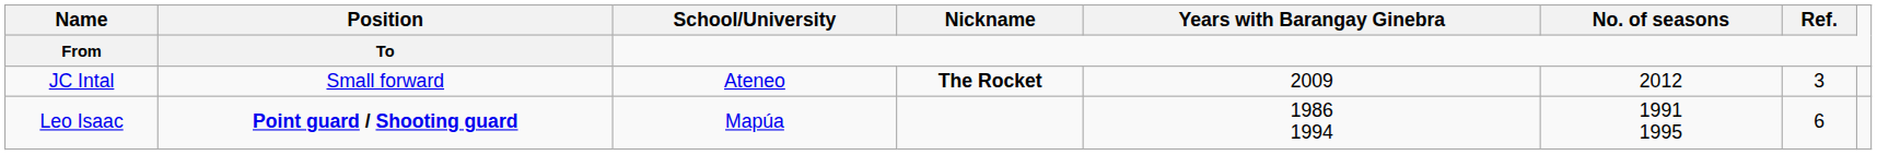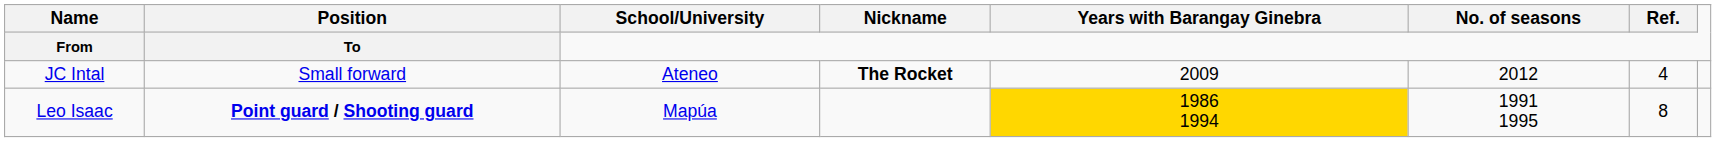 <table class="wikitable sortable" style="text-align:center" width="98%">
 <tr>
 <th>Name</th>
 <th>Position</th>
 <th>School/University</th>
 <th>Nickname</th>
 <th>Years with Barangay Ginebra</th>
 <th>No. of seasons</th>
 <th>Ref.</th>
 </tr>
 <tr>
 <th><small>From</small></th>
 <th><small>To</small></th>
 </tr>
 <tr>
 <td><a href='#'>JC Intal</a></td>
 <td><a href='#'>Small forward</a></td>
 <td><a href='#'>Ateneo</a></td>
 <td><strong>The Rocket</strong></td>
 <td>2009</td>
 <td>2012</td>
-<td>3</td>
+<td>4</td>
 <td></td>
 </tr>
 <tr>
 <td><a href='#'>Leo Isaac</a></td>
 <td><strong><a href='#'>Point guard</a> / <a href='#'>Shooting guard</a></strong></td>
 <td><a href='#'>Mapúa</a></td>
 <td></td>
-<td>1986<br>1994</td>
+<td style="background: gold;">1986<br>1994</td>
 <td>1991<br>1995</td>
-<td>6</td>
+<td>8</td>
 <td></td>
 </tr>
 </table>
